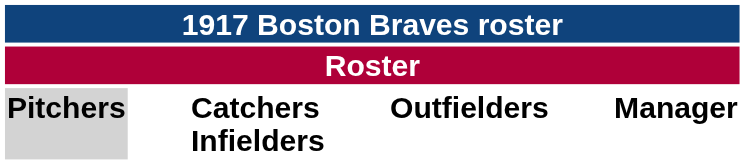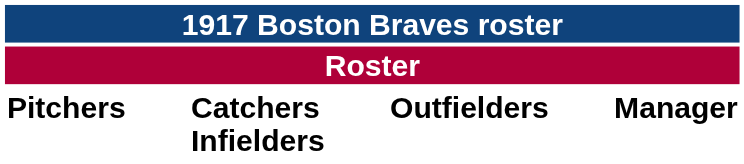 <table class="toccolours" style="font-size: 95%;">
 <tr>
 <th colspan="10" style="background-color: #0f437c; color: white; text-align: center;">1917 Boston Braves roster</th>
 </tr>
 <tr>
 <td colspan="10" style="background-color: #af0039; color: white; text-align: center;"><strong>Roster</strong></td>
 </tr>
 <tr>
-<td valign="top" style="background: lightgrey;"><strong>Pitchers</strong><br>          </td>
+<td valign="top"><strong>Pitchers</strong><br>          </td>
 <td width="25px"></td>
 <td valign="top"><strong>Catchers</strong><br>     <strong>Infielders</strong>         </td>
 <td width="25px"></td>
 <td valign="top"><strong>Outfielders</strong><br>        </td>
 <td width="25px"></td>
 <td valign="top"><strong>Manager</strong><br></td>
 </tr>
 </table>
